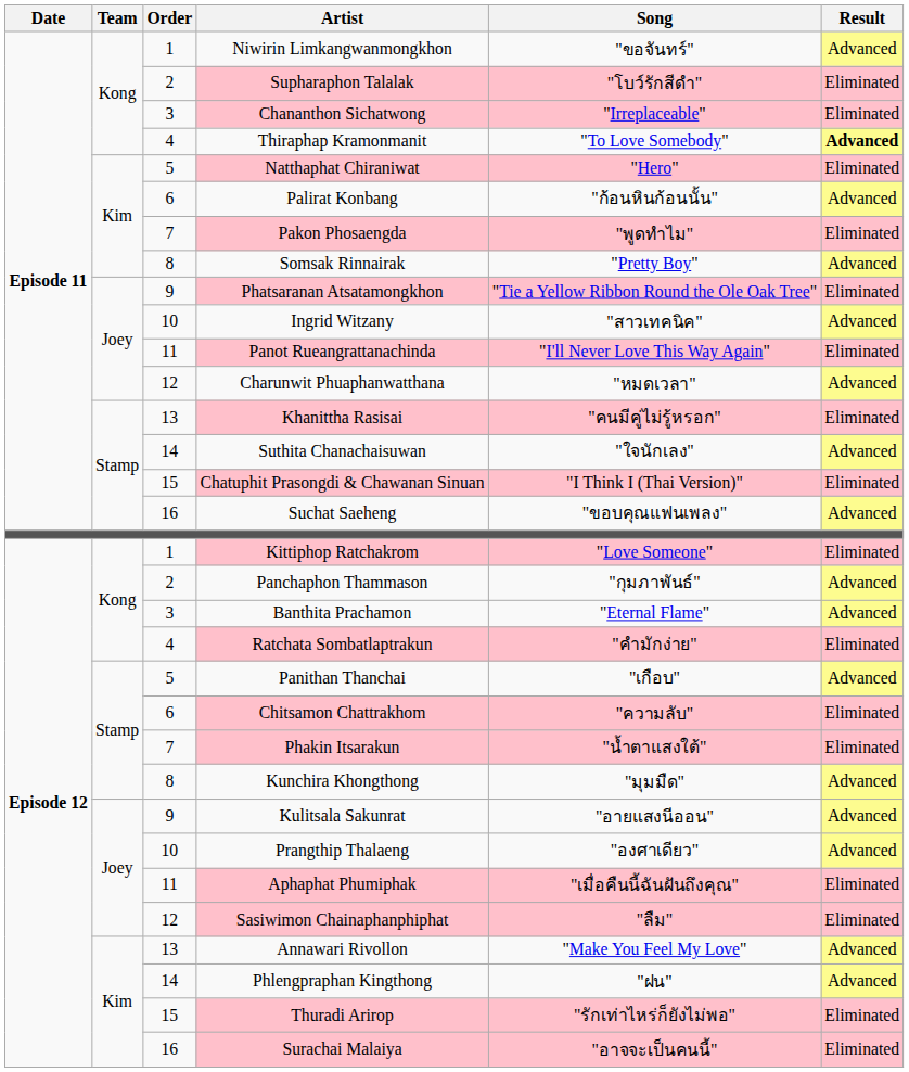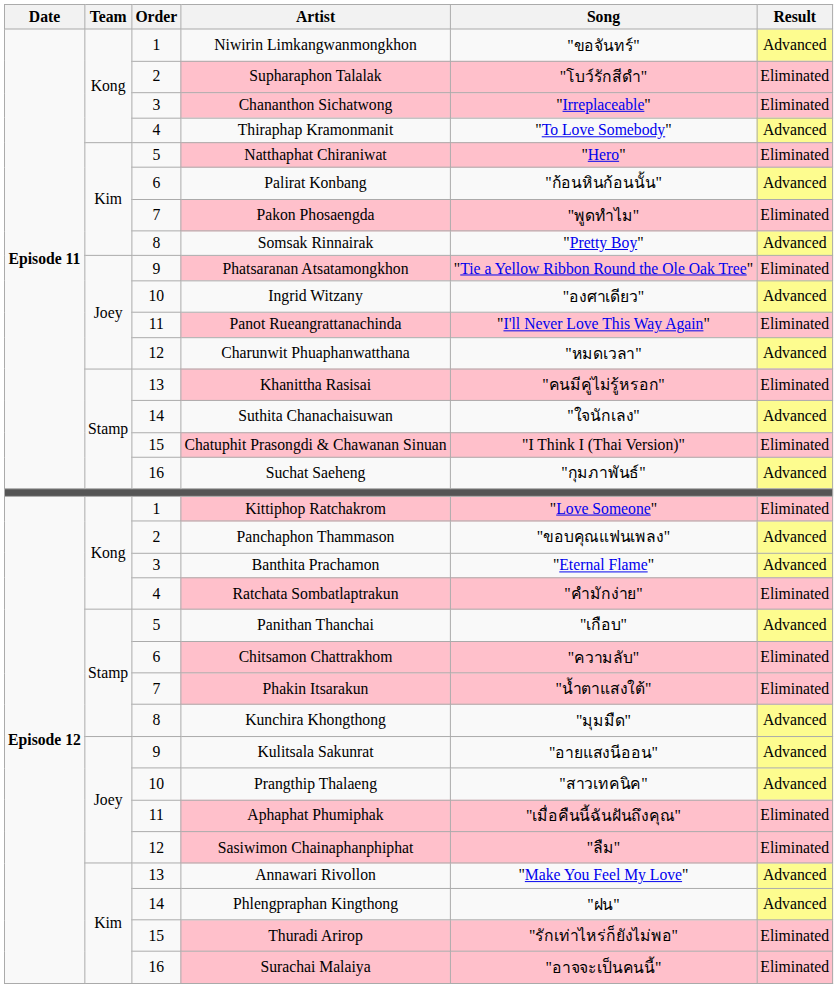 <table class="wikitable sortable" style="text-align: center; width: auto;">
 <tr>
 <th scope="col">Date</th>
 <th scope="col">Team</th>
 <th scope="col">Order</th>
 <th scope="col">Artist</th>
 <th scope="col">Song</th>
 <th scope="col">Result</th>
 </tr>
 <tr>
 <td ! rowspan=16><strong>Episode 11</strong> <br></td>
 <td rowspan=4>Kong</td>
 <td>1</td>
 <td>Niwirin Limkangwanmongkhon</td>
 <td>"ขอจันทร์"</td>
 <td style="background:#fdfc8f">Advanced</td>
 </tr>
 <tr>
 <td>2</td>
 <td style="background:pink">Supharaphon Talalak</td>
 <td style="background:pink">"โบว์รักสีดำ"</td>
 <td style="background:pink">Eliminated</td>
 </tr>
 <tr>
 <td>3</td>
 <td style="background:pink">Chananthon Sichatwong</td>
 <td style="background:pink">"<a href='#'>Irreplaceable</a>"</td>
 <td style="background:pink">Eliminated</td>
 </tr>
 <tr>
 <td>4</td>
 <td>Thiraphap Kramonmanit</td>
 <td>"<a href='#'>To Love Somebody</a>"</td>
-<td style="background:#fdfc8f"><strong>Advanced</strong></td>
+<td style="background:#fdfc8f">Advanced</td>
 </tr>
 <tr>
 <td rowspan=4>Kim</td>
 <td>5</td>
 <td style="background:pink">Natthaphat Chiraniwat</td>
 <td style="background:pink">"<a href='#'>Hero</a>"</td>
 <td style="background:pink">Eliminated</td>
 </tr>
 <tr>
 <td>6</td>
 <td>Palirat Konbang</td>
 <td>"ก้อนหินก้อนนั้น"</td>
 <td style="background:#fdfc8f">Advanced</td>
 </tr>
 <tr>
 <td>7</td>
 <td style="background:pink">Pakon Phosaengda</td>
 <td style="background:pink">"พูดทำไม"</td>
 <td style="background:pink">Eliminated</td>
 </tr>
 <tr>
 <td>8</td>
 <td>Somsak Rinnairak</td>
 <td>"<a href='#'>Pretty Boy</a>"</td>
 <td style="background:#fdfc8f">Advanced</td>
 </tr>
 <tr>
 <td rowspan=4>Joey</td>
 <td>9</td>
 <td style="background:pink">Phatsaranan Atsatamongkhon</td>
 <td style="background:pink">"<a href='#'>Tie a Yellow Ribbon Round the Ole Oak Tree</a>"</td>
 <td style="background:pink">Eliminated</td>
 </tr>
 <tr>
 <td>10</td>
 <td>Ingrid Witzany</td>
-<td>"สาวเทคนิค"</td>
+<td>"องศาเดียว"</td>
 <td style="background:#fdfc8f">Advanced</td>
 </tr>
 <tr>
 <td>11</td>
 <td style="background:pink">Panot Rueangrattanachinda</td>
 <td style="background:pink">"<a href='#'>I'll Never Love This Way Again</a>"</td>
 <td style="background:pink">Eliminated</td>
 </tr>
 <tr>
 <td>12</td>
 <td>Charunwit Phuaphanwatthana</td>
 <td>"หมดเวลา"</td>
 <td style="background:#fdfc8f">Advanced</td>
 </tr>
 <tr>
 <td rowspan=4>Stamp</td>
 <td>13</td>
 <td style="background:pink">Khanittha Rasisai</td>
 <td style="background:pink">"คนมีคู่ไม่รู้หรอก"</td>
 <td style="background:pink">Eliminated</td>
 </tr>
 <tr>
 <td>14</td>
 <td>Suthita Chanachaisuwan</td>
 <td>"ใจนักเลง"</td>
 <td style="background:#fdfc8f">Advanced</td>
 </tr>
 <tr>
 <td>15</td>
 <td style="background:pink">Chatuphit Prasongdi & Chawanan Sinuan</td>
 <td style="background:pink">"I Think I (Thai Version)"</td>
 <td style="background:pink">Eliminated</td>
 </tr>
 <tr>
 <td>16</td>
 <td>Suchat Saeheng</td>
-<td>"ขอบคุณแฟนเพลง"</td>
+<td>"กุมภาพันธ์"</td>
 <td style="background:#fdfc8f">Advanced</td>
 </tr>
 <tr>
 <td colspan=6 style="background:#555555;"></td>
 </tr>
 <tr>
 <td ! rowspan=18><strong>Episode 12</strong> <br></td>
 <td rowspan=4>Kong</td>
 <td>1</td>
 <td style="background:pink">Kittiphop Ratchakrom</td>
 <td style="background:pink">"<a href='#'>Love Someone</a>"</td>
 <td style="background:pink">Eliminated</td>
 </tr>
 <tr>
 <td>2</td>
 <td>Panchaphon Thammason</td>
-<td>"กุมภาพันธ์"</td>
+<td>"ขอบคุณแฟนเพลง"</td>
 <td style="background:#fdfc8f">Advanced</td>
 </tr>
 <tr>
 <td>3</td>
 <td>Banthita Prachamon</td>
 <td>"<a href='#'>Eternal Flame</a>"</td>
 <td style="background:#fdfc8f">Advanced</td>
 </tr>
 <tr>
 <td>4</td>
 <td style="background:pink">Ratchata Sombatlaptrakun</td>
 <td style="background:pink">"คำมักง่าย"</td>
 <td style="background:pink">Eliminated</td>
 </tr>
 <tr>
 <td rowspan=4>Stamp</td>
 <td>5</td>
 <td>Panithan Thanchai</td>
 <td>"เกือบ"</td>
 <td style="background:#fdfc8f">Advanced</td>
 </tr>
 <tr>
 <td>6</td>
 <td style="background:pink">Chitsamon Chattrakhom</td>
 <td style="background:pink">"ความลับ"</td>
 <td style="background:pink">Eliminated</td>
 </tr>
 <tr>
 <td>7</td>
 <td style="background:pink">Phakin Itsarakun</td>
 <td style="background:pink">"น้ำตาแสงใต้"</td>
 <td style="background:pink">Eliminated</td>
 </tr>
 <tr>
 <td>8</td>
 <td>Kunchira Khongthong</td>
 <td>"มุมมืด"</td>
 <td style="background:#fdfc8f">Advanced</td>
 </tr>
 <tr>
 <td rowspan=4>Joey</td>
 <td>9</td>
 <td>Kulitsala Sakunrat</td>
 <td>"อายแสงนีออน"</td>
 <td style="background:#fdfc8f">Advanced</td>
 </tr>
 <tr>
 <td>10</td>
 <td>Prangthip Thalaeng</td>
-<td>"องศาเดียว"</td>
+<td>"สาวเทคนิค"</td>
 <td style="background:#fdfc8f">Advanced</td>
 </tr>
 <tr>
 <td>11</td>
 <td style="background:pink">Aphaphat Phumiphak</td>
 <td style="background:pink">"เมื่อคืนนี้ฉันฝันถึงคุณ"</td>
 <td style="background:pink">Eliminated</td>
 </tr>
 <tr>
 <td>12</td>
 <td style="background:pink">Sasiwimon Chainaphanphiphat</td>
 <td style="background:pink">"ลืม"</td>
 <td style="background:pink">Eliminated</td>
 </tr>
 <tr>
 <td rowspan=4>Kim</td>
 <td>13</td>
 <td>Annawari Rivollon</td>
 <td>"<a href='#'>Make You Feel My Love</a>"</td>
 <td style="background:#fdfc8f">Advanced</td>
 </tr>
 <tr>
 <td>14</td>
 <td>Phlengpraphan Kingthong</td>
 <td>"ฝน"</td>
 <td style="background:#fdfc8f">Advanced</td>
 </tr>
 <tr>
 <td>15</td>
 <td style="background:pink">Thuradi Arirop</td>
 <td style="background:pink">"รักเท่าไหร่ก็ยังไม่พอ"</td>
 <td style="background:pink">Eliminated</td>
 </tr>
 <tr>
 <td>16</td>
 <td style="background:pink">Surachai Malaiya</td>
 <td style="background:pink">"อาจจะเป็นคนนี้"</td>
 <td style="background:pink">Eliminated</td>
 </tr>
 <tr>
 </tr>
 </table>
